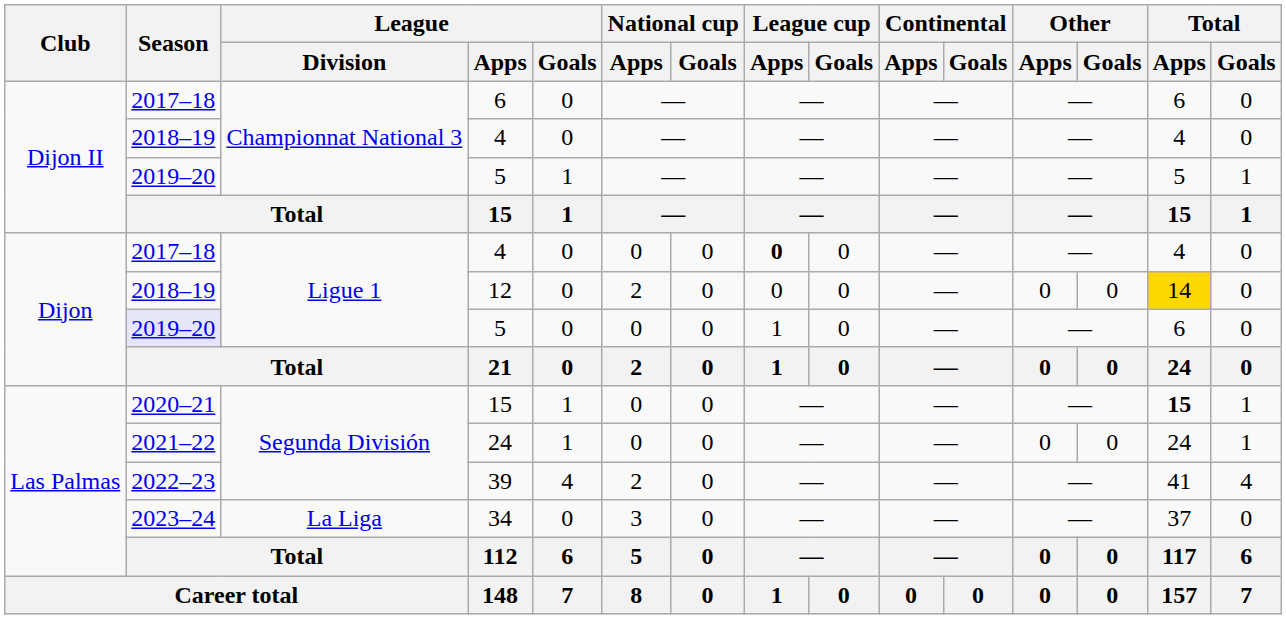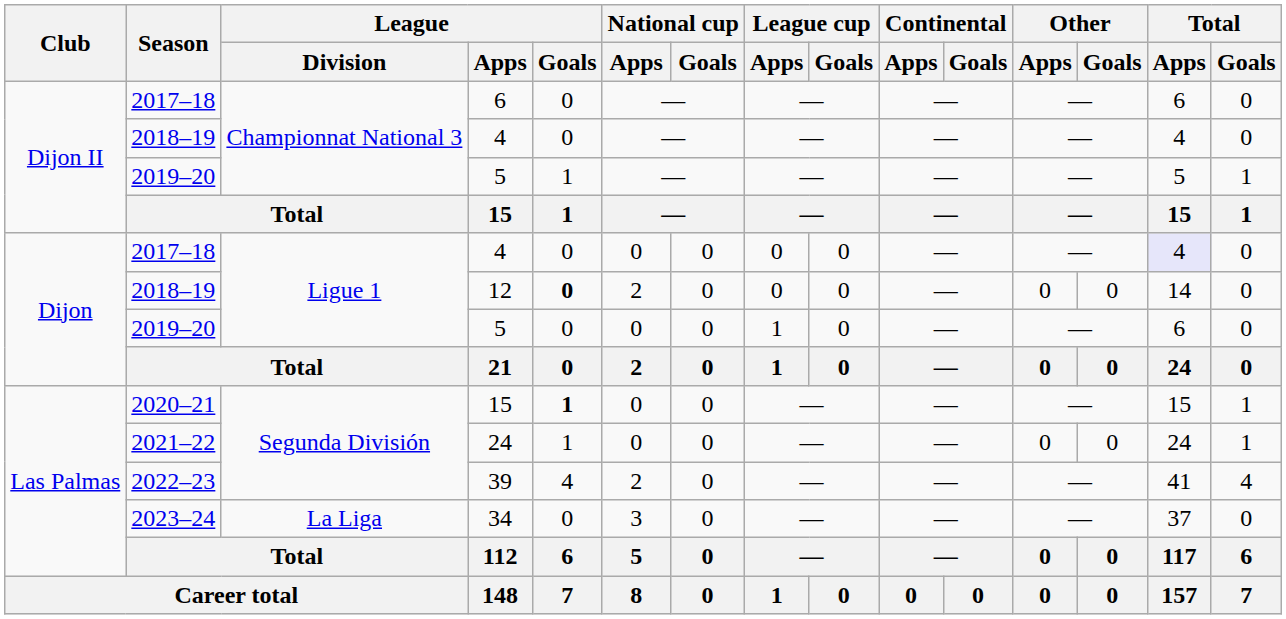 <table class=wikitable style="text-align:center">
 <tr>
 <th rowspan=2>Club</th>
 <th rowspan=2>Season</th>
 <th colspan=3>League</th>
 <th colspan=2>National cup</th>
 <th colspan=2>League cup</th>
 <th colspan=2>Continental</th>
 <th colspan=2>Other</th>
 <th colspan=2>Total</th>
 </tr>
 <tr>
 <th>Division</th>
 <th>Apps</th>
 <th>Goals</th>
 <th>Apps</th>
 <th>Goals</th>
 <th>Apps</th>
 <th>Goals</th>
 <th>Apps</th>
 <th>Goals</th>
 <th>Apps</th>
 <th>Goals</th>
 <th>Apps</th>
 <th>Goals</th>
 </tr>
 <tr>
 <td rowspan="4"><a href='#'>Dijon II</a></td>
 <td><a href='#'>2017–18</a></td>
 <td rowspan="3"><a href='#'>Championnat National 3</a></td>
 <td>6</td>
 <td>0</td>
 <td colspan="2">—</td>
 <td colspan="2">—</td>
 <td colspan="2">—</td>
 <td colspan="2">—</td>
 <td>6</td>
 <td>0</td>
 </tr>
 <tr>
 <td><a href='#'>2018–19</a></td>
 <td>4</td>
 <td>0</td>
 <td colspan="2">—</td>
 <td colspan="2">—</td>
 <td colspan="2">—</td>
 <td colspan="2">—</td>
 <td>4</td>
 <td>0</td>
 </tr>
 <tr>
 <td><a href='#'>2019–20</a></td>
 <td>5</td>
 <td>1</td>
 <td colspan="2">—</td>
 <td colspan="2">—</td>
 <td colspan="2">—</td>
 <td colspan="2">—</td>
 <td>5</td>
 <td>1</td>
 </tr>
 <tr>
 <th colspan="2">Total</th>
 <th>15</th>
 <th>1</th>
 <th colspan="2">—</th>
 <th colspan="2">—</th>
 <th colspan="2">—</th>
 <th colspan="2">—</th>
 <th>15</th>
 <th>1</th>
 </tr>
 <tr>
 <td rowspan="4"><a href='#'>Dijon</a></td>
 <td><a href='#'>2017–18</a></td>
 <td rowspan="3"><a href='#'>Ligue 1</a></td>
 <td>4</td>
 <td>0</td>
 <td>0</td>
 <td>0</td>
-<td><strong>0</strong></td>
+<td>0</td>
 <td>0</td>
 <td colspan="2">—</td>
 <td colspan="2">—</td>
-<td>4</td>
+<td style="background: lavender;">4</td>
 <td>0</td>
 </tr>
 <tr>
 <td><a href='#'>2018–19</a></td>
 <td>12</td>
-<td>0</td>
+<td><strong>0</strong></td>
 <td>2</td>
 <td>0</td>
 <td>0</td>
 <td>0</td>
 <td colspan="2">—</td>
 <td>0</td>
 <td>0</td>
-<td style="background: gold;">14</td>
+<td>14</td>
 <td>0</td>
 </tr>
 <tr>
-<td style="background: lavender;"><a href='#'>2019–20</a></td>
+<td><a href='#'>2019–20</a></td>
 <td>5</td>
 <td>0</td>
 <td>0</td>
 <td>0</td>
 <td>1</td>
 <td>0</td>
 <td colspan="2">—</td>
 <td colspan="2">—</td>
 <td>6</td>
 <td>0</td>
 </tr>
 <tr>
 <th colspan="2">Total</th>
 <th>21</th>
 <th>0</th>
 <th>2</th>
 <th>0</th>
 <th>1</th>
 <th>0</th>
 <th colspan="2">—</th>
 <th>0</th>
 <th>0</th>
 <th>24</th>
 <th>0</th>
 </tr>
 <tr>
 <td rowspan="5"><a href='#'>Las Palmas</a></td>
 <td><a href='#'>2020–21</a></td>
 <td rowspan="3"><a href='#'>Segunda División</a></td>
 <td>15</td>
-<td>1</td>
+<td><strong>1</strong></td>
 <td>0</td>
 <td>0</td>
 <td colspan="2">—</td>
 <td colspan="2">—</td>
 <td colspan="2">—</td>
-<td><strong>15</strong></td>
+<td>15</td>
 <td>1</td>
 </tr>
 <tr>
 <td><a href='#'>2021–22</a></td>
 <td>24</td>
 <td>1</td>
 <td>0</td>
 <td>0</td>
 <td colspan="2">—</td>
 <td colspan="2">—</td>
 <td>0</td>
 <td>0</td>
 <td>24</td>
 <td>1</td>
 </tr>
 <tr>
 <td><a href='#'>2022–23</a></td>
 <td>39</td>
 <td>4</td>
 <td>2</td>
 <td>0</td>
 <td colspan="2">—</td>
 <td colspan="2">—</td>
 <td colspan="2">—</td>
 <td>41</td>
 <td>4</td>
 </tr>
 <tr>
 <td><a href='#'>2023–24</a></td>
 <td><a href='#'>La Liga</a></td>
 <td>34</td>
 <td>0</td>
 <td>3</td>
 <td>0</td>
 <td colspan="2">—</td>
 <td colspan="2">—</td>
 <td colspan="2">—</td>
 <td>37</td>
 <td>0</td>
 </tr>
 <tr>
 <th colspan="2">Total</th>
 <th>112</th>
 <th>6</th>
 <th>5</th>
 <th>0</th>
 <th colspan="2">—</th>
 <th colspan="2">—</th>
 <th>0</th>
 <th>0</th>
 <th>117</th>
 <th>6</th>
 </tr>
 <tr>
 <th colspan="3">Career total</th>
 <th>148</th>
 <th>7</th>
 <th>8</th>
 <th>0</th>
 <th>1</th>
 <th>0</th>
 <th>0</th>
 <th>0</th>
 <th>0</th>
 <th>0</th>
 <th>157</th>
 <th>7</th>
 </tr>
 </table>
